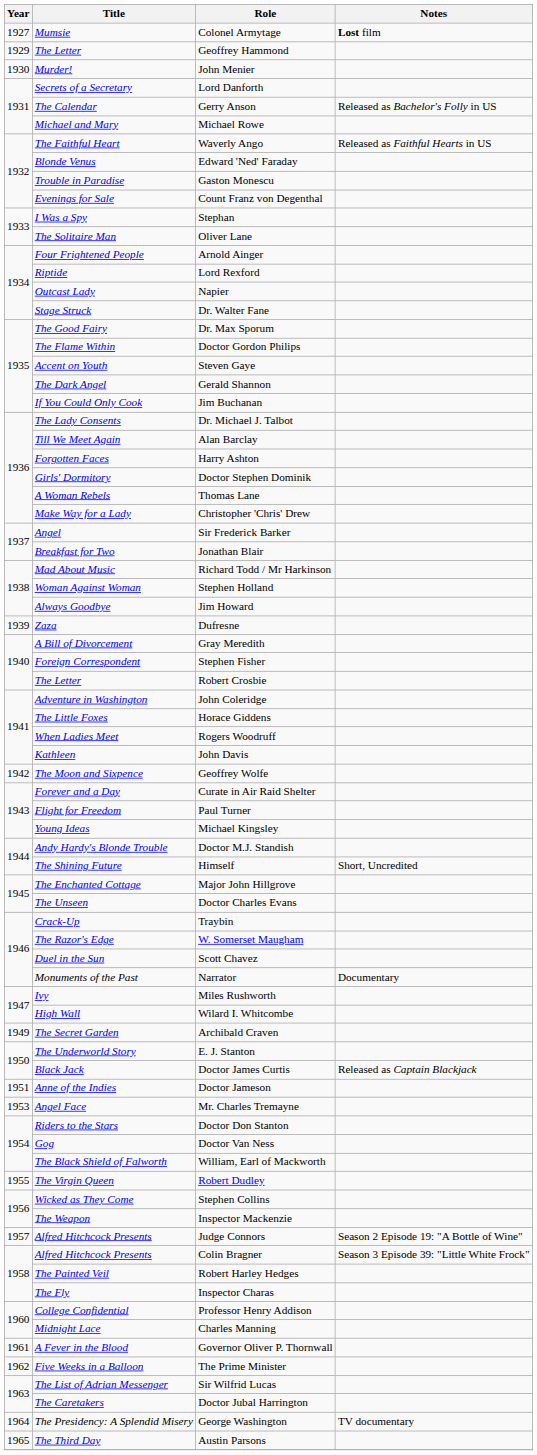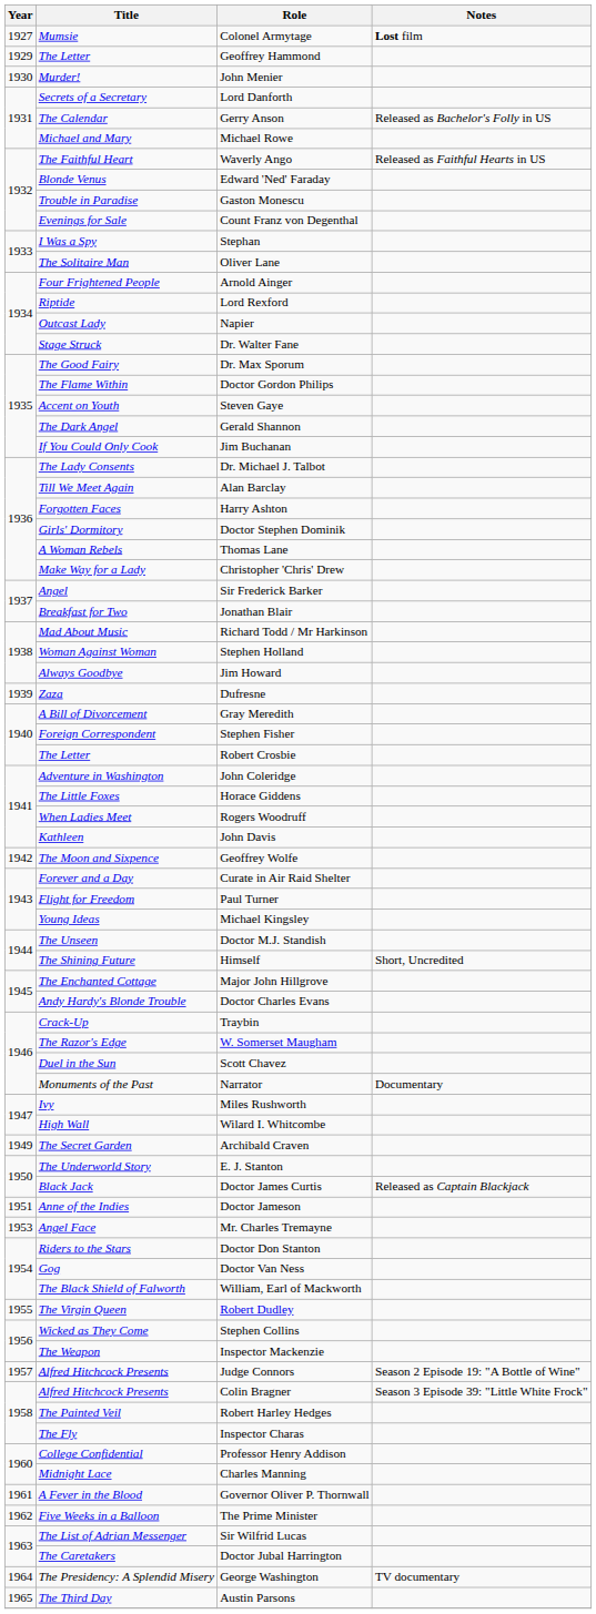 <table class="wikitable" style="font-size: 90%;">
 <tr>
 <th>Year</th>
 <th>Title</th>
 <th>Role</th>
 <th>Notes</th>
 </tr>
 <tr>
 <td>1927</td>
 <td><em><a href='#'>Mumsie</a></em></td>
 <td>Colonel Armytage</td>
 <td><strong>Lost</strong> film</td>
 </tr>
 <tr>
 <td>1929</td>
 <td><em><a href='#'>The Letter</a></em></td>
 <td>Geoffrey Hammond</td>
 <td></td>
 </tr>
 <tr>
 <td>1930</td>
 <td><em><a href='#'>Murder!</a></em></td>
 <td>John Menier</td>
 <td></td>
 </tr>
 <tr>
 <td rowspan="3">1931</td>
 <td><em><a href='#'>Secrets of a Secretary</a></em></td>
 <td>Lord Danforth</td>
 <td></td>
 </tr>
 <tr>
 <td><em><a href='#'>The Calendar</a></em></td>
 <td>Gerry Anson</td>
 <td>Released as <em>Bachelor's Folly</em> in US</td>
 </tr>
 <tr>
 <td><em><a href='#'>Michael and Mary</a></em></td>
 <td>Michael Rowe</td>
 <td></td>
 </tr>
 <tr>
 <td rowspan="4">1932</td>
 <td><em><a href='#'>The Faithful Heart</a></em></td>
 <td>Waverly Ango</td>
 <td>Released as <em>Faithful Hearts</em> in US</td>
 </tr>
 <tr>
 <td><em><a href='#'>Blonde Venus</a></em></td>
 <td>Edward 'Ned' Faraday</td>
 <td></td>
 </tr>
 <tr>
 <td><em><a href='#'>Trouble in Paradise</a></em></td>
 <td>Gaston Monescu</td>
 <td></td>
 </tr>
 <tr>
 <td><em><a href='#'>Evenings for Sale</a></em></td>
 <td>Count Franz von Degenthal</td>
 <td></td>
 </tr>
 <tr>
 <td rowspan="2">1933</td>
 <td><em><a href='#'>I Was a Spy</a></em></td>
 <td>Stephan</td>
 <td></td>
 </tr>
 <tr>
 <td><em><a href='#'>The Solitaire Man</a></em></td>
 <td>Oliver Lane</td>
 <td></td>
 </tr>
 <tr>
 <td rowspan="4">1934</td>
 <td><em><a href='#'>Four Frightened People</a></em></td>
 <td>Arnold Ainger</td>
 <td></td>
 </tr>
 <tr>
 <td><em><a href='#'>Riptide</a></em></td>
 <td>Lord Rexford</td>
 <td></td>
 </tr>
 <tr>
 <td><em><a href='#'>Outcast Lady</a></em></td>
 <td>Napier</td>
 <td></td>
 </tr>
 <tr>
 <td><em><a href='#'>Stage Struck</a></em></td>
 <td>Dr. Walter Fane</td>
 <td></td>
 </tr>
 <tr>
 <td rowspan="5">1935</td>
 <td><em><a href='#'>The Good Fairy</a></em></td>
 <td>Dr. Max Sporum</td>
 <td></td>
 </tr>
 <tr>
 <td><em><a href='#'>The Flame Within</a></em></td>
 <td>Doctor Gordon Philips</td>
 <td></td>
 </tr>
 <tr>
 <td><em><a href='#'>Accent on Youth</a></em></td>
 <td>Steven Gaye</td>
 <td></td>
 </tr>
 <tr>
 <td><em><a href='#'>The Dark Angel</a></em></td>
 <td>Gerald Shannon</td>
 <td></td>
 </tr>
 <tr>
 <td><em><a href='#'>If You Could Only Cook</a></em></td>
 <td>Jim Buchanan</td>
 <td></td>
 </tr>
 <tr>
 <td rowspan="6">1936</td>
 <td><em><a href='#'>The Lady Consents</a></em></td>
 <td>Dr. Michael J. Talbot</td>
 <td></td>
 </tr>
 <tr>
 <td><em><a href='#'>Till We Meet Again</a></em></td>
 <td>Alan Barclay</td>
 <td></td>
 </tr>
 <tr>
 <td><em><a href='#'>Forgotten Faces</a></em></td>
 <td>Harry Ashton</td>
 <td></td>
 </tr>
 <tr>
 <td><em><a href='#'>Girls' Dormitory</a></em></td>
 <td>Doctor Stephen Dominik</td>
 <td></td>
 </tr>
 <tr>
 <td><em><a href='#'>A Woman Rebels</a></em></td>
 <td>Thomas Lane</td>
 <td></td>
 </tr>
 <tr>
 <td><em><a href='#'>Make Way for a Lady</a></em></td>
 <td>Christopher 'Chris' Drew</td>
 <td></td>
 </tr>
 <tr>
 <td rowspan="2">1937</td>
 <td><em><a href='#'>Angel</a></em></td>
 <td>Sir Frederick Barker</td>
 <td></td>
 </tr>
 <tr>
 <td><em><a href='#'>Breakfast for Two</a></em></td>
 <td>Jonathan Blair</td>
 <td></td>
 </tr>
 <tr>
 <td rowspan="3">1938</td>
 <td><em><a href='#'>Mad About Music</a></em></td>
 <td>Richard Todd / Mr Harkinson</td>
 <td></td>
 </tr>
 <tr>
 <td><em><a href='#'>Woman Against Woman</a></em></td>
 <td>Stephen Holland</td>
 <td></td>
 </tr>
 <tr>
 <td><em><a href='#'>Always Goodbye</a></em></td>
 <td>Jim Howard</td>
 <td></td>
 </tr>
 <tr>
 <td>1939</td>
 <td><em><a href='#'>Zaza</a></em></td>
 <td>Dufresne</td>
 <td></td>
 </tr>
 <tr>
 <td rowspan="3">1940</td>
 <td><em><a href='#'>A Bill of Divorcement</a></em></td>
 <td>Gray Meredith</td>
 <td></td>
 </tr>
 <tr>
 <td><em><a href='#'>Foreign Correspondent</a></em></td>
 <td>Stephen Fisher</td>
 <td></td>
 </tr>
 <tr>
 <td><em><a href='#'>The Letter</a></em></td>
 <td>Robert Crosbie</td>
 <td></td>
 </tr>
 <tr>
 <td rowspan="4">1941</td>
 <td><em><a href='#'>Adventure in Washington</a></em></td>
 <td>John Coleridge</td>
 <td></td>
 </tr>
 <tr>
 <td><em><a href='#'>The Little Foxes</a></em></td>
 <td>Horace Giddens</td>
 <td></td>
 </tr>
 <tr>
 <td><em><a href='#'>When Ladies Meet</a></em></td>
 <td>Rogers Woodruff</td>
 <td></td>
 </tr>
 <tr>
 <td><em><a href='#'>Kathleen</a></em></td>
 <td>John Davis</td>
 <td></td>
 </tr>
 <tr>
 <td>1942</td>
 <td><em><a href='#'>The Moon and Sixpence</a></em></td>
 <td>Geoffrey Wolfe</td>
 <td></td>
 </tr>
 <tr>
 <td rowspan="3">1943</td>
 <td><em><a href='#'>Forever and a Day</a></em></td>
 <td>Curate in Air Raid Shelter</td>
 <td></td>
 </tr>
 <tr>
 <td><em><a href='#'>Flight for Freedom</a></em></td>
 <td>Paul Turner</td>
 <td></td>
 </tr>
 <tr>
 <td><em><a href='#'>Young Ideas</a></em></td>
 <td>Michael Kingsley</td>
 <td></td>
 </tr>
 <tr>
 <td rowspan="2">1944</td>
-<td><em><a href='#'>Andy Hardy's Blonde Trouble</a></em></td>
+<td><em><a href='#'>The Unseen</a></em></td>
 <td>Doctor M.J. Standish</td>
 <td></td>
 </tr>
 <tr>
 <td><em><a href='#'>The Shining Future</a></em></td>
 <td>Himself</td>
 <td>Short, Uncredited</td>
 </tr>
 <tr>
 <td rowspan="2">1945</td>
 <td><em><a href='#'>The Enchanted Cottage</a></em></td>
 <td>Major John Hillgrove</td>
 <td></td>
 </tr>
 <tr>
-<td><em><a href='#'>The Unseen</a></em></td>
+<td><em><a href='#'>Andy Hardy's Blonde Trouble</a></em></td>
 <td>Doctor Charles Evans</td>
 <td></td>
 </tr>
 <tr>
 <td rowspan="4">1946</td>
 <td><em><a href='#'>Crack-Up</a></em></td>
 <td>Traybin</td>
 <td></td>
 </tr>
 <tr>
 <td><em><a href='#'>The Razor's Edge</a></em></td>
 <td><a href='#'>W. Somerset Maugham</a></td>
 <td></td>
 </tr>
 <tr>
 <td><em><a href='#'>Duel in the Sun</a></em></td>
 <td>Scott Chavez</td>
 <td></td>
 </tr>
 <tr>
 <td><em>Monuments of the Past</em></td>
 <td>Narrator</td>
 <td>Documentary</td>
 </tr>
 <tr>
 <td rowspan="2">1947</td>
 <td><em><a href='#'>Ivy</a></em></td>
 <td>Miles Rushworth</td>
 <td></td>
 </tr>
 <tr>
 <td><em><a href='#'>High Wall</a></em></td>
 <td>Wilard I. Whitcombe</td>
 <td></td>
 </tr>
 <tr>
 <td>1949</td>
 <td><em><a href='#'>The Secret Garden</a></em></td>
 <td>Archibald Craven</td>
 <td></td>
 </tr>
 <tr>
 <td rowspan="2">1950</td>
 <td><em><a href='#'>The Underworld Story</a></em></td>
 <td>E. J. Stanton</td>
 <td></td>
 </tr>
 <tr>
 <td><em><a href='#'>Black Jack</a></em></td>
 <td>Doctor James Curtis</td>
 <td>Released as <em>Captain Blackjack</em></td>
 </tr>
 <tr>
 <td>1951</td>
 <td><em><a href='#'>Anne of the Indies</a></em></td>
 <td>Doctor Jameson</td>
 <td></td>
 </tr>
 <tr>
 <td>1953</td>
 <td><em><a href='#'>Angel Face</a></em></td>
 <td>Mr. Charles Tremayne</td>
 <td></td>
 </tr>
 <tr>
 <td rowspan="3">1954</td>
 <td><em><a href='#'>Riders to the Stars</a></em></td>
 <td>Doctor Don Stanton</td>
 <td></td>
 </tr>
 <tr>
 <td><em><a href='#'>Gog</a></em></td>
 <td>Doctor Van Ness</td>
 <td></td>
 </tr>
 <tr>
 <td><em><a href='#'>The Black Shield of Falworth</a></em></td>
 <td>William, Earl of Mackworth</td>
 <td></td>
 </tr>
 <tr>
 <td>1955</td>
 <td><em><a href='#'>The Virgin Queen</a></em></td>
 <td><a href='#'>Robert Dudley</a></td>
 <td></td>
 </tr>
 <tr>
 <td rowspan="2">1956</td>
 <td><em><a href='#'>Wicked as They Come</a></em></td>
 <td>Stephen Collins</td>
 <td></td>
 </tr>
 <tr>
 <td><em><a href='#'>The Weapon</a></em></td>
 <td>Inspector Mackenzie</td>
 <td></td>
 </tr>
 <tr>
 <td rowspan="1">1957</td>
 <td><em><a href='#'>Alfred Hitchcock Presents</a></em></td>
 <td>Judge Connors</td>
 <td>Season 2 Episode 19: "A Bottle of Wine"</td>
 </tr>
 <tr>
 <td rowspan="3">1958</td>
 <td><em><a href='#'>Alfred Hitchcock Presents</a></em></td>
 <td>Colin Bragner</td>
 <td>Season 3 Episode 39: "Little White Frock"</td>
 </tr>
 <tr>
 <td><em><a href='#'>The Painted Veil</a></em></td>
 <td>Robert Harley Hedges</td>
 <td></td>
 </tr>
 <tr>
 <td><em><a href='#'>The Fly</a></em></td>
 <td>Inspector Charas</td>
 <td></td>
 </tr>
 <tr>
 <td rowspan="2">1960</td>
 <td><em><a href='#'>College Confidential</a></em></td>
 <td>Professor Henry Addison</td>
 <td></td>
 </tr>
 <tr>
 <td><em><a href='#'>Midnight Lace</a></em></td>
 <td>Charles Manning</td>
 <td></td>
 </tr>
 <tr>
 <td>1961</td>
 <td><em><a href='#'>A Fever in the Blood</a></em></td>
 <td>Governor Oliver P. Thornwall</td>
 <td></td>
 </tr>
 <tr>
 <td>1962</td>
 <td><em><a href='#'>Five Weeks in a Balloon</a></em></td>
 <td>The Prime Minister</td>
 <td></td>
 </tr>
 <tr>
 <td rowspan="2">1963</td>
 <td><em><a href='#'>The List of Adrian Messenger</a></em></td>
 <td>Sir Wilfrid Lucas</td>
 <td></td>
 </tr>
 <tr>
 <td><em><a href='#'>The Caretakers</a></em></td>
 <td>Doctor Jubal Harrington</td>
 <td></td>
 </tr>
 <tr>
 <td>1964</td>
 <td><em>The Presidency: A Splendid Misery</em></td>
 <td>George Washington</td>
 <td>TV documentary</td>
 </tr>
 <tr>
 <td>1965</td>
 <td><em><a href='#'>The Third Day</a></em></td>
 <td>Austin Parsons</td>
 <td></td>
 </tr>
 <tr>
 </tr>
 </table>
